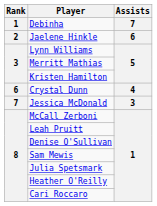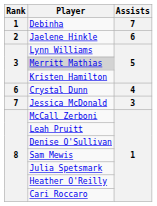 <table class="wikitable" style="text-align: left;">
 <tr>
 <th>Rank</th>
 <th>Player</th>
 <th>Assists</th>
 </tr>
 <tr>
 <th>1</th>
 <td> <a href='#'>Debinha</a></td>
 <th>7</th>
 </tr>
 <tr>
 <th>2</th>
 <td> <a href='#'>Jaelene Hinkle</a></td>
 <th>6</th>
 </tr>
 <tr>
 <th rowspan=3>3</th>
 <td> <a href='#'>Lynn Williams</a></td>
 <th rowspan=3>5</th>
 </tr>
 <tr>
-<td> <a href='#'>Merritt Mathias</a></td>
+<td style="background: lightgrey;"> <a href='#'>Merritt Mathias</a></td>
 </tr>
 <tr>
 <td> <a href='#'>Kristen Hamilton</a></td>
 </tr>
 <tr>
 <th>6</th>
 <td> <a href='#'>Crystal Dunn</a></td>
 <th>4</th>
 </tr>
 <tr>
 <th>7</th>
 <td> <a href='#'>Jessica McDonald</a></td>
 <th>3</th>
 </tr>
 <tr>
 <th rowspan=7>8</th>
 <td> <a href='#'>McCall Zerboni</a></td>
 <th rowspan=7>1</th>
 </tr>
 <tr>
 <td> <a href='#'>Leah Pruitt</a></td>
 </tr>
 <tr>
 <td> <a href='#'>Denise O'Sullivan</a></td>
 </tr>
 <tr>
 <td> <a href='#'>Sam Mewis</a></td>
 </tr>
 <tr>
 <td> <a href='#'>Julia Spetsmark</a></td>
 </tr>
 <tr>
 <td> <a href='#'>Heather O'Reilly</a></td>
 </tr>
 <tr>
 <td> <a href='#'>Cari Roccaro</a></td>
 </tr>
 </table>
